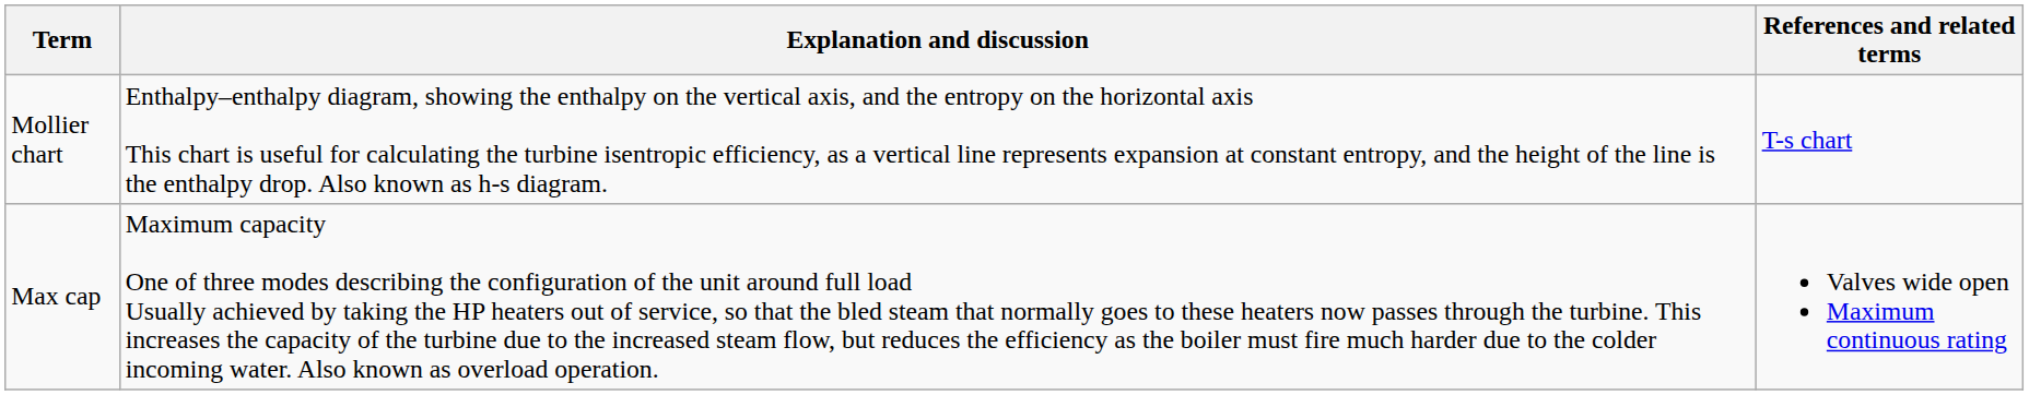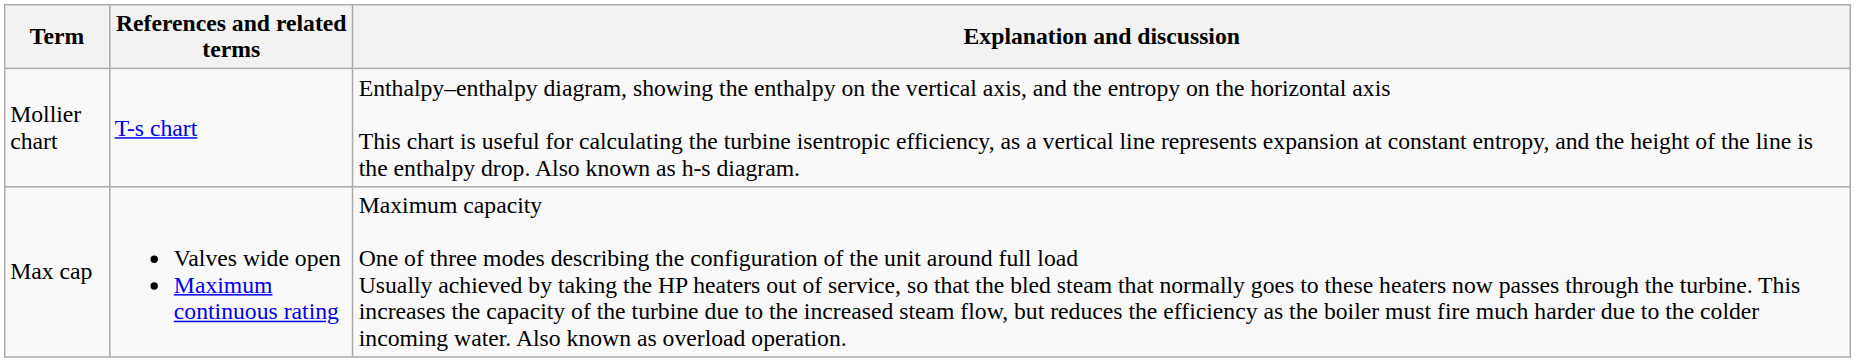 <table class="wikitable">
 <tr>
 <th>Term</th>
+<th>References and related terms</th>
 <th>Explanation and discussion</th>
-<th>References and related terms</th>
 </tr>
 <tr>
 <td>Mollier chart</td>
+<td><a href='#'>T-s chart</a></td>
 <td>Enthalpy–enthalpy diagram, showing the enthalpy on the vertical axis, and the entropy on the horizontal axis<br><br>This chart is useful for calculating the turbine isentropic efficiency, as a vertical line represents expansion at constant entropy, and the height of the line is the enthalpy drop. Also known as h-s diagram.</td>
-<td><a href='#'>T-s chart</a></td>
 </tr>
 <tr>
 <td>Max cap</td>
+<td><br><ul><li>Valves wide open</li><li><a href='#'>Maximum continuous rating</a></li></ul></td>
 <td>Maximum capacity<br><br>One of three modes describing the configuration of the unit around full load<br> Usually achieved by taking the HP heaters out of service, so that the bled steam that normally goes to these heaters now passes through the turbine.  This increases the capacity of the turbine due to the increased steam flow, but reduces the efficiency as the boiler must fire much harder due to the colder incoming water. Also known as overload operation.</td>
-<td><br><ul><li>Valves wide open</li><li><a href='#'>Maximum continuous rating</a></li></ul></td>
 </tr>
 </table>
